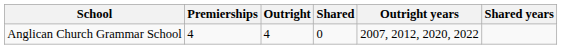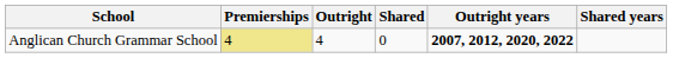 <table class="wikitable sortable">
 <tr>
 <th>School</th>
 <th>Premierships</th>
 <th>Outright</th>
 <th>Shared</th>
 <th>Outright years</th>
 <th>Shared years</th>
 </tr>
 <tr>
 <td>Anglican Church Grammar School</td>
-<td>4</td>
+<td style="background: khaki;">4</td>
 <td>4</td>
 <td>0</td>
-<td>2007, 2012, 2020, 2022</td>
+<td><strong>2007, 2012, 2020, 2022</strong></td>
 </tr>
 </table>
